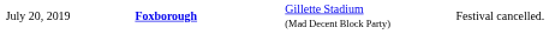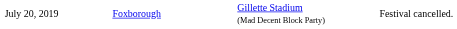 <table cellpadding="2" style="border: 0px solid darkgray; font-size:90%">
 <tr>
 <th width="150"></th>
 <th width="175"></th>
 <th width="200"></th>
 <th width="450"></th>
 </tr>
 <tr border="0">
 <td>July 20, 2019</td>
-<td><strong><a href='#'>Foxborough</a></strong></td>
+<td><a href='#'>Foxborough</a></td>
 <td><a href='#'>Gillette Stadium</a><br><small>(Mad Decent Block Party)</small></td>
 <td>Festival cancelled.</td>
 </tr>
 </table>
